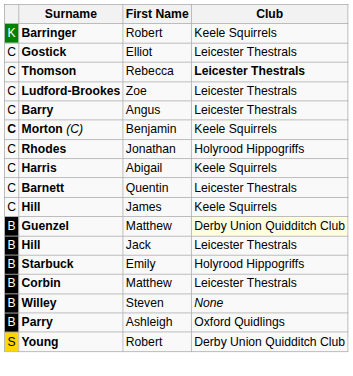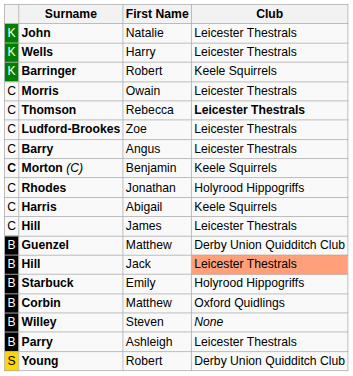 <table class="wikitable sortable mw-collapsible mw-collapsed">
 <tr>
 <th></th>
 <th>Surname</th>
 <th>First Name</th>
 <th>Club</th>
 </tr>
 <tr>
 <td style="text-align:center; background:Green; color:white">K</td>
+<td><strong>John</strong></td>
+<td>Natalie</td>
+<td>Leicester Thestrals</td>
+</tr>
+<tr>
+<td style="text-align:center; background:Green; color:white">K</td>
+<td><strong>Wells</strong></td>
+<td>Harry</td>
+<td>Leicester Thestrals</td>
+</tr>
+<tr>
+<td style="text-align:center; background:Green; color:white">K</td>
 <td><strong>Barringer</strong></td>
 <td>Robert</td>
 <td>Keele Squirrels</td>
 </tr>
 <tr>
 <td>C</td>
-<td><strong>Gostick</strong></td>
-<td>Elliot</td>
+<td><strong>Morris</strong></td>
+<td>Owain</td>
 <td>Leicester Thestrals</td>
 </tr>
 <tr>
 <td>C</td>
 <td><strong>Thomson</strong></td>
 <td>Rebecca</td>
 <td><strong>Leicester Thestrals</strong></td>
 </tr>
 <tr>
 <td>C</td>
 <td><strong>Ludford-Brookes</strong></td>
 <td>Zoe</td>
 <td>Leicester Thestrals</td>
 </tr>
 <tr>
 <td>C</td>
 <td><strong>Barry</strong></td>
 <td>Angus</td>
 <td>Leicester Thestrals</td>
 </tr>
 <tr>
 <td><strong>C</strong></td>
 <td><strong>Morton</strong> <em>(C)</em></td>
 <td>Benjamin</td>
 <td>Keele Squirrels</td>
 </tr>
 <tr>
 <td>C</td>
 <td><strong>Rhodes</strong></td>
 <td>Jonathan</td>
 <td>Holyrood Hippogriffs</td>
 </tr>
 <tr>
 <td>C</td>
 <td><strong>Harris</strong></td>
 <td>Abigail</td>
 <td>Keele Squirrels</td>
 </tr>
 <tr>
 <td>C</td>
-<td><strong>Barnett</strong></td>
-<td>Quentin</td>
-<td>Leicester Thestrals</td>
-</tr>
-<tr>
-<td>C</td>
 <td><strong>Hill</strong></td>
 <td>James</td>
-<td>Keele Squirrels</td>
+<td>Leicester Thestrals</td>
 </tr>
 <tr>
 <td style="text-align:center; background:Black; color:white">B</td>
 <td><strong>Guenzel</strong></td>
 <td>Matthew</td>
-<td style="background: lightyellow;">Derby Union Quidditch Club</td>
+<td>Derby Union Quidditch Club</td>
 </tr>
 <tr>
 <td style="text-align:center; background:Black; color:white">B</td>
 <td><strong>Hill</strong></td>
 <td>Jack</td>
-<td>Leicester Thestrals</td>
+<td style="background: lightsalmon;">Leicester Thestrals</td>
 </tr>
 <tr>
 <td style="text-align:center; background:Black; color:white">B</td>
 <td><strong>Starbuck</strong></td>
 <td>Emily</td>
 <td>Holyrood Hippogriffs</td>
 </tr>
 <tr>
 <td style="text-align:center; background:Black; color:white">B</td>
 <td><strong>Corbin</strong></td>
 <td>Matthew</td>
-<td>Leicester Thestrals</td>
+<td>Oxford Quidlings</td>
 </tr>
 <tr>
 <td style="text-align:center; background:Black; color:white">B</td>
 <td><strong>Willey</strong></td>
 <td>Steven</td>
 <td><em>None</em></td>
 </tr>
 <tr>
 <td style="text-align:center; background:Black; color:white">B</td>
 <td><strong>Parry</strong></td>
 <td>Ashleigh</td>
-<td>Oxford Quidlings</td>
+<td>Leicester Thestrals</td>
 </tr>
 <tr>
 <td style="text-align:center; background:Gold">S</td>
 <td><strong>Young</strong></td>
 <td>Robert</td>
 <td>Derby Union Quidditch Club</td>
 </tr>
 </table>
